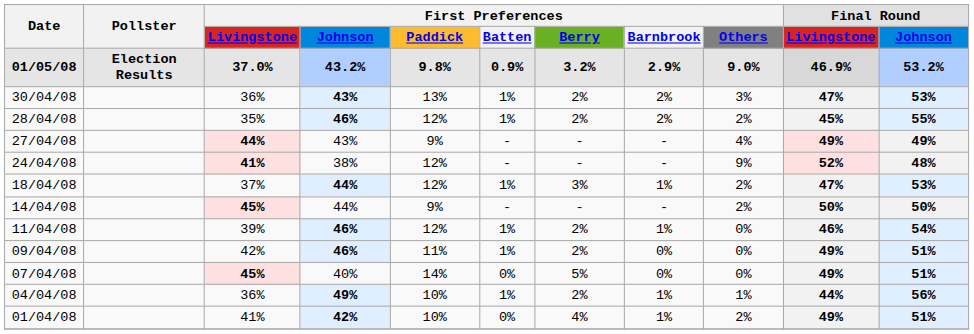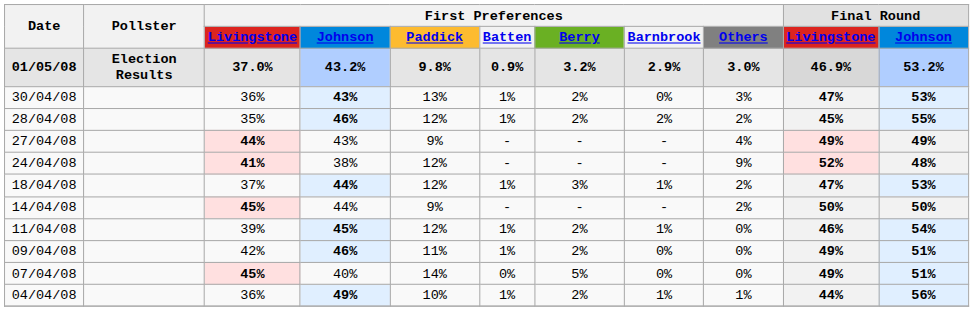 <table class="wikitable sortable" style="text-align:center">
 <tr>
 <th rowspan="2" class="unsortable" style="width:70px;">Date</th>
 <th rowspan="2" class="unsortable" style="width:110px;">Pollster</th>
 <th colspan="7">First Preferences</th>
 <th style="background:#e1e1e1" colspan=2>Final Round</th>
 </tr>
 <tr>
 <th ! class="unsortable" style="background:#dc241f; width:80px;"><a href='#'><span>Livingstone</span></a></th>
 <th ! class="unsortable" style="background:#0087dc; width:80px;"><a href='#'><span>Johnson</span></a></th>
 <th ! class="unsortable" style="background:#fdbb30; width:80px"><a href='#'><span>Paddick</span></a></th>
 <th ! class="unsortable" style="background:"><a href='#'><span>Batten</span></a></th>
 <th ! class="unsortable" style="background:#6ab023; width:80px"><a href='#'><span>Berry</span></a></th>
 <th ! class="unsortable" style="background:"><a href='#'><span>Barnbrook</span></a></th>
 <th ! class="unsortable" style="background:gray; width:70px"><a href='#'><span>Others</span></a></th>
 <th ! class="unsortable" style="background:#dc241f; width:80px;"><a href='#'><span>Livingstone</span></a></th>
 <th ! class="unsortable" style="background:#0087dc; width:80px;"><a href='#'><span>Johnson</span></a></th>
 </tr>
 <tr>
 <td style="background:#e5e5e5"><strong>01/05/08</strong></td>
 <td style="background:#e5e5e5"><strong>Election Results</strong></td>
 <td style="background:#e5e5e5"><strong>37.0%</strong></td>
 <td style="background:#B0CEFF"><strong>43.2%</strong></td>
 <td style="background:#e5e5e5"><strong>9.8%</strong></td>
 <td style="background:#e5e5e5"><strong>0.9%</strong></td>
 <td style="background:#e5e5e5"><strong>3.2%</strong></td>
 <td style="background:#e5e5e5"><strong>2.9%</strong></td>
-<td style="background:#e5e5e5"><strong>9.0%</strong></td>
+<td style="background:#e5e5e5"><strong>3.0%</strong></td>
 <td style="background:#d8d8d8"><strong>46.9%</strong></td>
 <td style="background:#B0CEFF"><strong>53.2%</strong></td>
 </tr>
 <tr>
 <td>30/04/08</td>
 <td> </td>
 <td>36%</td>
 <td style="background:#e0efff"><strong>43%</strong></td>
 <td>13%</td>
 <td>1%</td>
 <td>2%</td>
-<td>2%</td>
+<td>0%</td>
 <td>3%</td>
 <td style="background:#f2f2f2"><strong>47%</strong></td>
 <td style="background:#e0efff"><strong>53%</strong></td>
 </tr>
 <tr>
 <td>28/04/08</td>
 <td> </td>
 <td>35%</td>
 <td style="background:#e0efff"><strong>46%</strong></td>
 <td>12%</td>
 <td>1%</td>
 <td>2%</td>
 <td>2%</td>
 <td>2%</td>
 <td style="background:#f2f2f2"><strong>45%</strong></td>
 <td style="background:#e0efff"><strong>55%</strong></td>
 </tr>
 <tr>
 <td>27/04/08</td>
 <td> </td>
 <td style="background:#ffe0e0"><strong>44%</strong></td>
 <td>43%</td>
 <td>9%</td>
 <td>-</td>
 <td>-</td>
 <td>-</td>
 <td>4%</td>
 <td style="background:#ffe0e0"><strong>49%</strong></td>
 <td style="background:#f2f2f2"><strong>49%</strong></td>
 </tr>
 <tr>
 <td>24/04/08</td>
 <td> </td>
 <td style="background:#ffe0e0"><strong>41%</strong></td>
 <td>38%</td>
 <td>12%</td>
 <td>-</td>
 <td>-</td>
 <td>-</td>
 <td>9%</td>
 <td style="background:#ffe0e0"><strong>52%</strong></td>
 <td style="background:#f2f2f2"><strong>48%</strong></td>
 </tr>
 <tr>
 <td>18/04/08</td>
 <td> </td>
 <td>37%</td>
 <td style="background:#e0efff"><strong>44%</strong></td>
 <td>12%</td>
 <td>1%</td>
 <td>3%</td>
 <td>1%</td>
 <td>2%</td>
 <td style="background:#f2f2f2"><strong>47%</strong></td>
 <td style="background:#e0efff"><strong>53%</strong></td>
 </tr>
 <tr>
 <td>14/04/08</td>
 <td> </td>
 <td style="background:#ffe0e0"><strong>45%</strong></td>
 <td>44%</td>
 <td>9%</td>
 <td>-</td>
 <td>-</td>
 <td>-</td>
 <td>2%</td>
 <td style="background:#f2f2f2"><strong>50%</strong></td>
 <td style="background:#f2f2f2"><strong>50%</strong></td>
 </tr>
 <tr>
 <td>11/04/08</td>
 <td> </td>
 <td>39%</td>
-<td style="background:#e0efff"><strong>46%</strong></td>
+<td style="background:#e0efff"><strong>45%</strong></td>
 <td>12%</td>
 <td>1%</td>
 <td>2%</td>
 <td>1%</td>
 <td>0%</td>
 <td style="background:#f2f2f2"><strong>46%</strong></td>
 <td style="background:#e0efff"><strong>54%</strong></td>
 </tr>
 <tr>
 <td>09/04/08</td>
 <td> </td>
 <td>42%</td>
 <td style="background:#e0efff"><strong>46%</strong></td>
 <td>11%</td>
 <td>1%</td>
 <td>2%</td>
 <td>0%</td>
 <td>0%</td>
 <td style="background:#f2f2f2"><strong>49%</strong></td>
 <td style="background:#e0efff"><strong>51%</strong></td>
 </tr>
 <tr>
 <td>07/04/08</td>
 <td> </td>
 <td style="background:#ffe0e0"><strong>45%</strong></td>
 <td>40%</td>
 <td>14%</td>
 <td>0%</td>
 <td>5%</td>
 <td>0%</td>
 <td>0%</td>
 <td style="background:#f2f2f2"><strong>49%</strong></td>
 <td style="background:#e0efff"><strong>51%</strong></td>
 </tr>
 <tr>
 <td>04/04/08</td>
 <td> </td>
 <td>36%</td>
 <td style="background:#e0efff"><strong>49%</strong></td>
 <td>10%</td>
 <td>1%</td>
 <td>2%</td>
 <td>1%</td>
 <td>1%</td>
 <td style="background:#f2f2f2"><strong>44%</strong></td>
 <td style="background:#e0efff"><strong>56%</strong></td>
 </tr>
 <tr>
-<td>01/04/08</td>
-<td> </td>
-<td>41%</td>
-<td style="background:#e0efff"><strong>42%</strong></td>
-<td>10%</td>
-<td>0%</td>
-<td>4%</td>
-<td>1%</td>
-<td>2%</td>
-<td style="background:#f2f2f2"><strong>49%</strong></td>
-<td style="background:#e0efff"><strong>51%</strong></td>
-</tr>
-<tr>
 </tr>
 </table>
